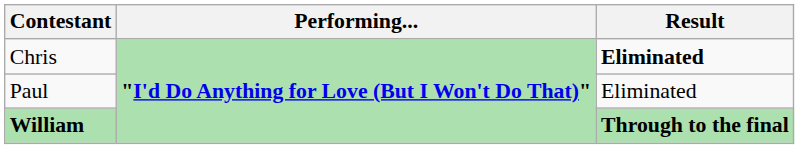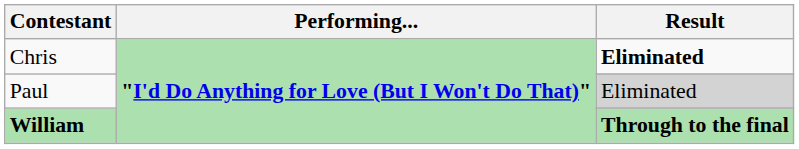 <table class="wikitable">
 <tr>
 <th>Contestant</th>
 <th>Performing...</th>
 <th>Result</th>
 </tr>
 <tr>
 <td>Chris</td>
 <td rowspan="5" style="background:#ACE1AF;"><strong>"<a href='#'>I'd Do Anything for Love (But I Won't Do That)</a>"</strong></td>
 <td><strong>Eliminated</strong></td>
 </tr>
 <tr>
 <td>Paul</td>
-<td>Eliminated</td>
+<td style="background: lightgrey;">Eliminated</td>
 </tr>
 <tr>
 <td style="background:#ACE1AF;"><strong>William</strong></td>
 <td style="background:#ACE1AF;"><strong>Through to the final</strong></td>
 </tr>
 </table>
